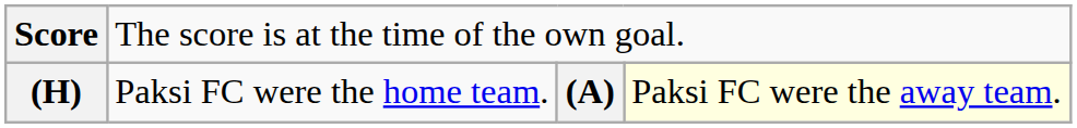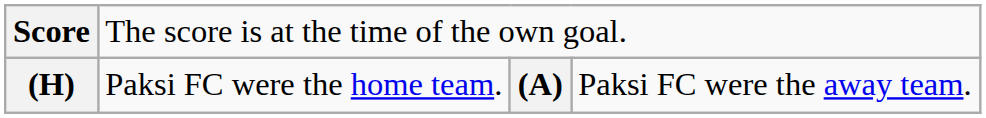 <table class="wikitable" style="font-size:85%;">
 <tr>
 <th>Score</th>
 <td colspan="3">The score is at the time of the own goal.</td>
 </tr>
 <tr>
 <th>(H)</th>
 <td>Paksi FC were the <a href='#'>home team</a>.</td>
 <th>(A)</th>
-<td style="background: lightyellow;">Paksi FC were the <a href='#'>away team</a>.</td>
+<td>Paksi FC were the <a href='#'>away team</a>.</td>
 </tr>
 </table>
